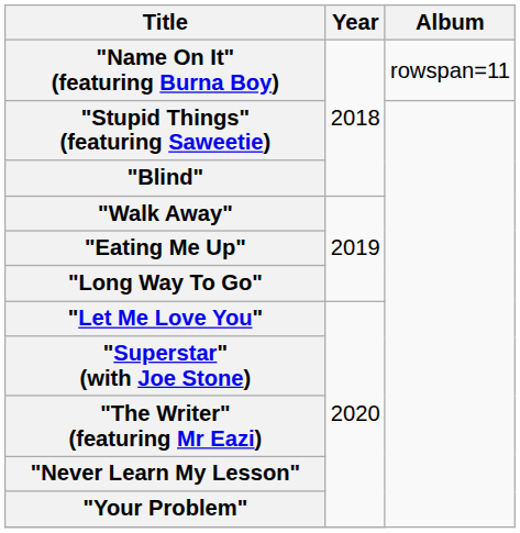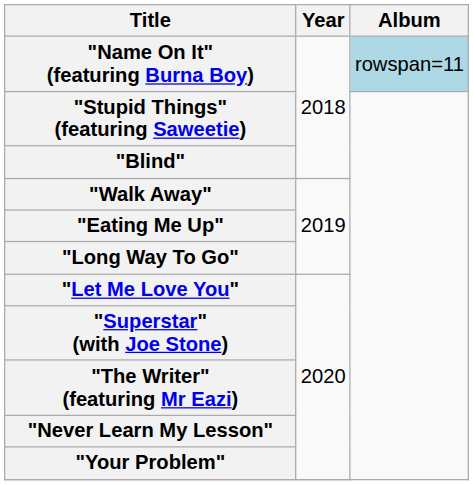 <table class="wikitable plainrowheaders" style="text-align:center;" border="1">
 <tr>
 <th scope="col" rowspan="1" style="width:14em;">Title</th>
 <th scope="col" rowspan="1" style="width:1em;">Year</th>
 <th scope="col" rowspan="1">Album</th>
 </tr>
 <tr>
 <th scope="row">"Name On It" <br><span>(featuring <a href='#'>Burna Boy</a>)</span></th>
 <td rowspan="3">2018</td>
-<td>rowspan=11 </td>
+<td style="background: lightblue;">rowspan=11 </td>
 </tr>
 <tr>
 <th scope="row">"Stupid Things" <br><span>(featuring <a href='#'>Saweetie</a>)</span></th>
 </tr>
 <tr>
 <th scope="row">"Blind"</th>
 </tr>
 <tr>
 <th scope="row">"Walk Away"</th>
 <td rowspan="3">2019</td>
 </tr>
 <tr>
 <th scope="row">"Eating Me Up"</th>
 </tr>
 <tr>
 <th scope="row">"Long Way To Go"</th>
 </tr>
 <tr>
 <th scope="row">"<a href='#'>Let Me Love You</a>"</th>
 <td rowspan="5">2020</td>
 </tr>
 <tr>
 <th scope="row">"<a href='#'>Superstar</a>" <br><span>(with <a href='#'>Joe Stone</a>)</span></th>
 </tr>
 <tr>
 <th scope="row">"The Writer" <br><span>(featuring <a href='#'>Mr Eazi</a>)</span></th>
 </tr>
 <tr>
 <th scope="row">"Never Learn My Lesson"</th>
 </tr>
 <tr>
 <th scope="row">"Your Problem"</th>
 </tr>
 <tr>
 </tr>
 </table>
